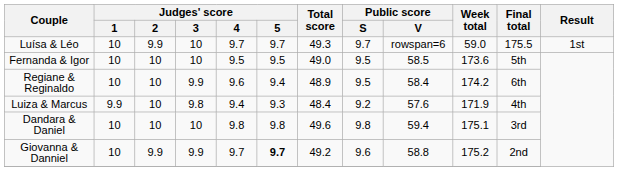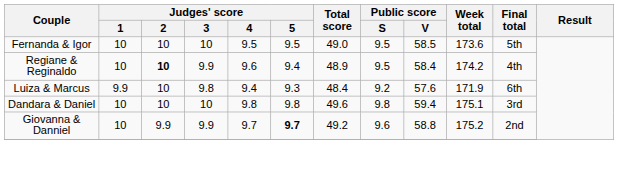 <table class="wikitable" style="font-size:100%; line-height:16px; text-align:center" width="100%">
 <tr>
 <th rowspan=2 width="11.0%">Couple</th>
 <th colspan=5 width="25.0%">Judges' score</th>
 <th rowspan=2 width="05.0%">Total<br>score</th>
 <th colspan=2 width="10.0%">Public score</th>
 <th rowspan=2 width="05.0%">Week<br>total</th>
 <th rowspan=2 width="05.0%">Final<br>total</th>
 <th rowspan=2 width="09.0%">Result</th>
 </tr>
 <tr>
 <th width="05.0%">1</th>
 <th width="05.0%">2</th>
 <th width="05.0%">3</th>
 <th width="05.0%">4</th>
 <th width="05.0%">5</th>
 <th width="05.0%">S</th>
 <th width="05.0%">V</th>
 </tr>
 <tr>
-<td>Luísa & Léo</td>
-<td>10</td>
-<td>9.9</td>
-<td>10</td>
-<td>9.7</td>
-<td>9.7</td>
-<td>49.3</td>
-<td>9.7</td>
-<td>rowspan=6 </td>
-<td>59.0</td>
-<td>175.5</td>
-<td>1st</td>
-</tr>
-<tr>
 <td>Fernanda & Igor</td>
 <td>10</td>
 <td>10</td>
 <td>10</td>
 <td>9.5</td>
 <td>9.5</td>
 <td>49.0</td>
 <td>9.5</td>
 <td>58.5</td>
 <td>173.6</td>
 <td>5th</td>
 </tr>
 <tr>
 <td>Regiane & Reginaldo</td>
 <td>10</td>
-<td>10</td>
+<td><strong>10</strong></td>
 <td>9.9</td>
 <td>9.6</td>
 <td>9.4</td>
 <td>48.9</td>
 <td>9.5</td>
 <td>58.4</td>
 <td>174.2</td>
-<td>6th</td>
+<td>4th</td>
 </tr>
 <tr>
 <td>Luiza & Marcus</td>
 <td>9.9</td>
 <td>10</td>
 <td>9.8</td>
 <td>9.4</td>
 <td>9.3</td>
 <td>48.4</td>
 <td>9.2</td>
 <td>57.6</td>
 <td>171.9</td>
-<td>4th</td>
+<td>6th</td>
 </tr>
 <tr>
 <td>Dandara & Daniel</td>
 <td>10</td>
 <td>10</td>
 <td>10</td>
 <td>9.8</td>
 <td>9.8</td>
 <td>49.6</td>
 <td>9.8</td>
 <td>59.4</td>
 <td>175.1</td>
 <td>3rd</td>
 </tr>
 <tr>
 <td>Giovanna & Danniel</td>
 <td>10</td>
 <td>9.9</td>
 <td>9.9</td>
 <td>9.7</td>
 <td><strong>9.7</strong></td>
 <td>49.2</td>
 <td>9.6</td>
 <td>58.8</td>
 <td>175.2</td>
 <td>2nd</td>
 </tr>
 <tr>
 </tr>
 </table>
